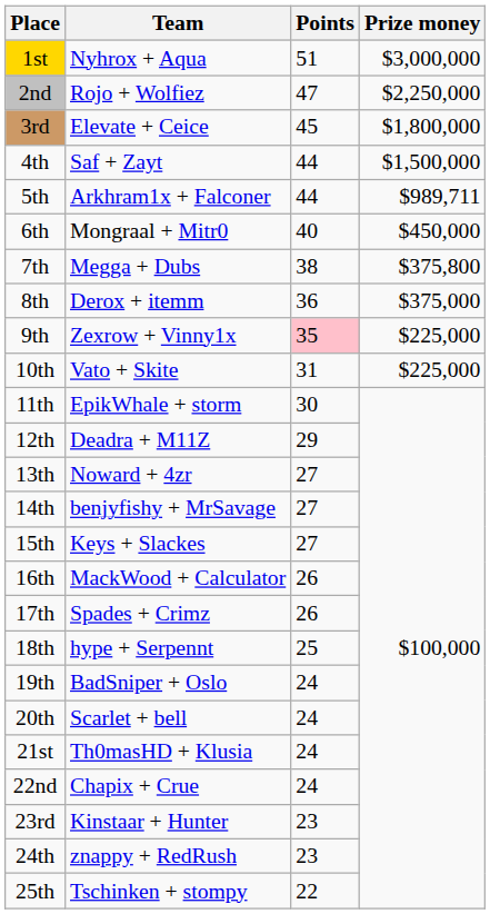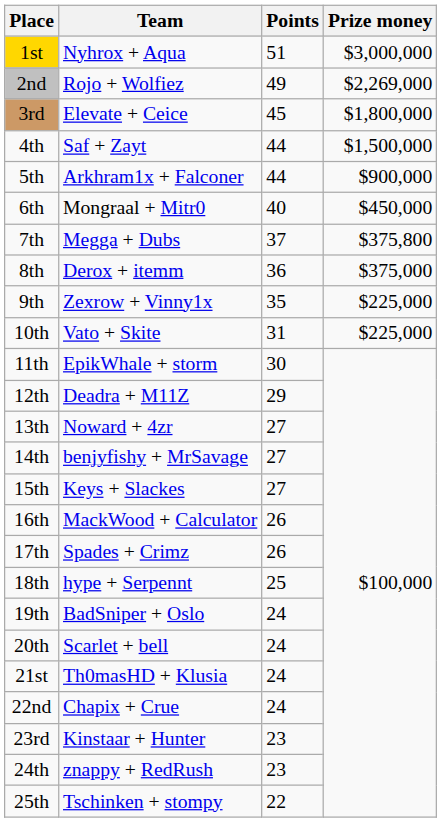 <table class="wikitable" style="display: inline-table;text-align:left">
 <tr>
 <th>Place</th>
 <th>Team</th>
 <th>Points</th>
 <th>Prize money</th>
 </tr>
 <tr>
 <td style="text-align:center; background:gold;">1st</td>
 <td><a href='#'>Nyhrox</a> + <a href='#'>Aqua</a></td>
 <td>51</td>
 <td style="text-align:right">$3,000,000</td>
 </tr>
 <tr>
 <td style="text-align:center; background:silver;">2nd</td>
 <td><a href='#'>Rojo</a> + <a href='#'>Wolfiez</a></td>
-<td>47</td>
-<td style="text-align:right">$2,250,000</td>
+<td>49</td>
+<td style="text-align:right">$2,269,000</td>
 </tr>
 <tr>
 <td style="text-align:center; background:#c96;">3rd</td>
 <td><a href='#'>Elevate</a> + <a href='#'>Ceice</a></td>
 <td>45</td>
 <td style="text-align:right">$1,800,000</td>
 </tr>
 <tr>
 <td style="text-align:center">4th</td>
 <td><a href='#'>Saf</a> + <a href='#'>Zayt</a></td>
 <td>44</td>
 <td style="text-align:right">$1,500,000</td>
 </tr>
 <tr>
 <td style="text-align:center">5th</td>
 <td><a href='#'>Arkhram1x</a> + <a href='#'>Falconer</a></td>
 <td>44</td>
-<td style="text-align:right">$989,711</td>
+<td style="text-align:right">$900,000</td>
 </tr>
 <tr>
 <td style="text-align:center">6th</td>
 <td>Mongraal + <a href='#'>Mitr0</a></td>
 <td>40</td>
 <td style="text-align:right">$450,000</td>
 </tr>
 <tr>
 <td style="text-align:center">7th</td>
 <td><a href='#'>Megga</a> + <a href='#'>Dubs</a></td>
-<td>38</td>
+<td>37</td>
 <td style="text-align:right">$375,800</td>
 </tr>
 <tr>
 <td style="text-align:center">8th</td>
 <td><a href='#'>Derox</a> + <a href='#'>itemm</a></td>
 <td>36</td>
 <td style="text-align:right">$375,000</td>
 </tr>
 <tr>
 <td style="text-align:center">9th</td>
 <td><a href='#'>Zexrow</a> + <a href='#'>Vinny1x</a></td>
-<td style="background: pink;">35</td>
+<td>35</td>
 <td style="text-align:right">$225,000</td>
 </tr>
 <tr>
 <td style="text-align:center">10th</td>
 <td><a href='#'>Vato</a> + <a href='#'>Skite</a></td>
 <td>31</td>
 <td style="text-align:right">$225,000</td>
 </tr>
 <tr>
 <td style="text-align:center">11th</td>
 <td><a href='#'>EpikWhale</a> + <a href='#'>storm</a></td>
 <td>30</td>
 <td style="text-align:right" rowspan="15">$100,000</td>
 </tr>
 <tr>
 <td style="text-align:center">12th</td>
 <td><a href='#'>Deadra</a> + <a href='#'>M11Z</a></td>
 <td>29</td>
 </tr>
 <tr>
 <td style="text-align:center">13th</td>
 <td><a href='#'>Noward</a> + <a href='#'>4zr</a></td>
 <td>27</td>
 </tr>
 <tr>
 <td style="text-align:center">14th</td>
 <td><a href='#'>benjyfishy</a> + <a href='#'>MrSavage</a></td>
 <td>27</td>
 </tr>
 <tr>
 <td style="text-align:center">15th</td>
 <td><a href='#'>Keys</a> + <a href='#'>Slackes</a></td>
 <td>27</td>
 </tr>
 <tr>
 <td style="text-align:center">16th</td>
 <td><a href='#'>MackWood</a> + <a href='#'>Calculator</a></td>
 <td>26</td>
 </tr>
 <tr>
 <td style="text-align:center">17th</td>
 <td><a href='#'>Spades</a> + <a href='#'>Crimz</a></td>
 <td>26</td>
 </tr>
 <tr>
 <td style="text-align:center">18th</td>
 <td><a href='#'>hype</a> + <a href='#'>Serpennt</a></td>
 <td>25</td>
 </tr>
 <tr>
 <td style="text-align:center">19th</td>
 <td><a href='#'>BadSniper</a> + <a href='#'>Oslo</a></td>
 <td>24</td>
 </tr>
 <tr>
 <td style="text-align:center">20th</td>
 <td><a href='#'>Scarlet</a> + <a href='#'>bell</a></td>
 <td>24</td>
 </tr>
 <tr>
 <td style="text-align:center">21st</td>
 <td><a href='#'>Th0masHD</a> + <a href='#'>Klusia</a></td>
 <td>24</td>
 </tr>
 <tr>
 <td style="text-align:center">22nd</td>
 <td><a href='#'>Chapix</a> + <a href='#'>Crue</a></td>
 <td>24</td>
 </tr>
 <tr>
 <td style="text-align:center">23rd</td>
 <td><a href='#'>Kinstaar</a> + <a href='#'>Hunter</a></td>
 <td>23</td>
 </tr>
 <tr>
 <td style="text-align:center">24th</td>
 <td><a href='#'>znappy</a> + <a href='#'>RedRush</a></td>
 <td>23</td>
 </tr>
 <tr>
 <td style="text-align:center">25th</td>
 <td><a href='#'>Tschinken</a> + <a href='#'>stompy</a></td>
 <td>22</td>
 </tr>
 </table>
